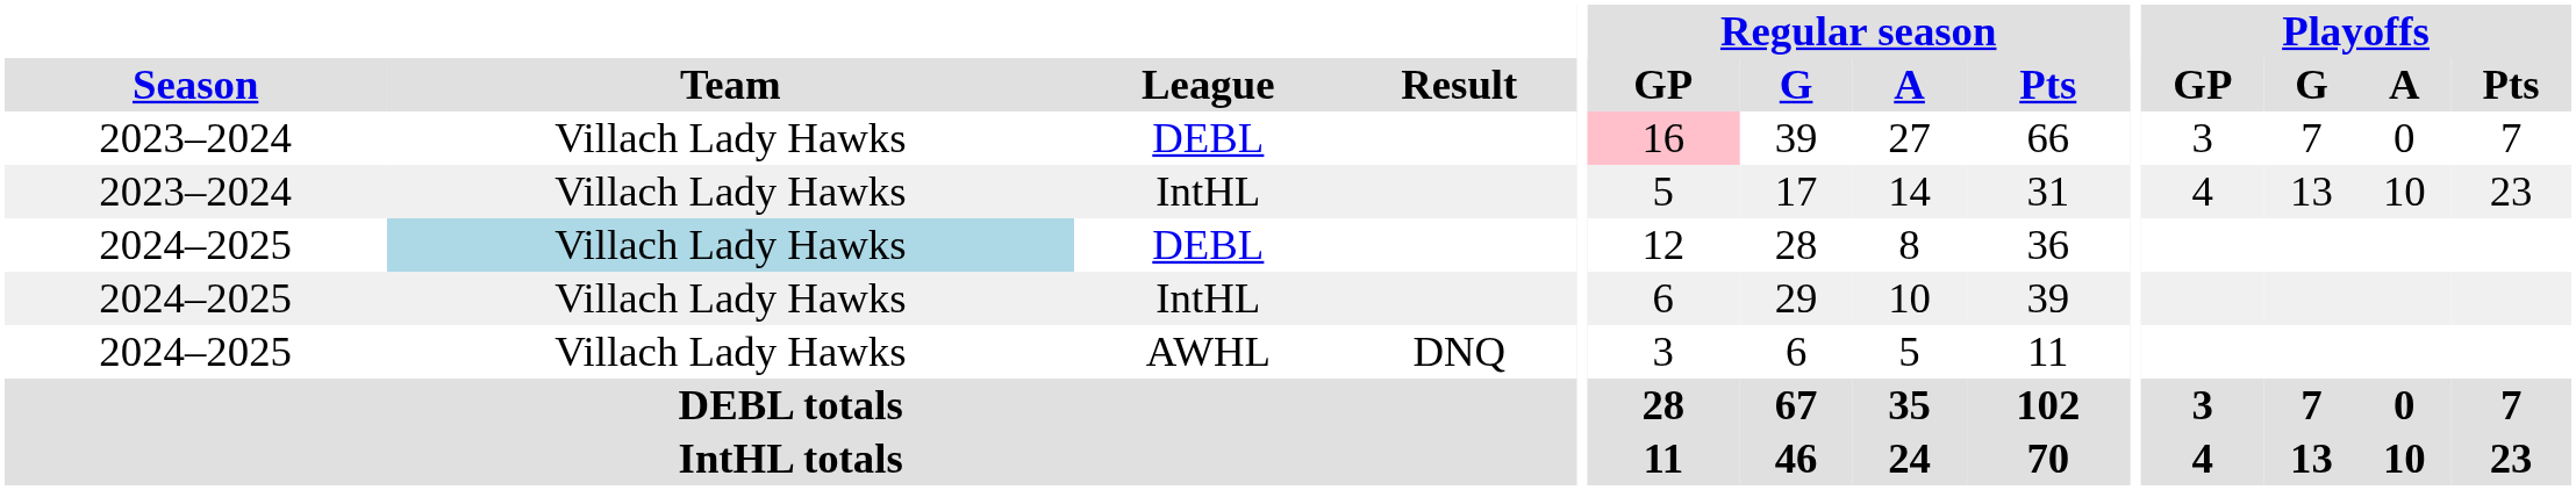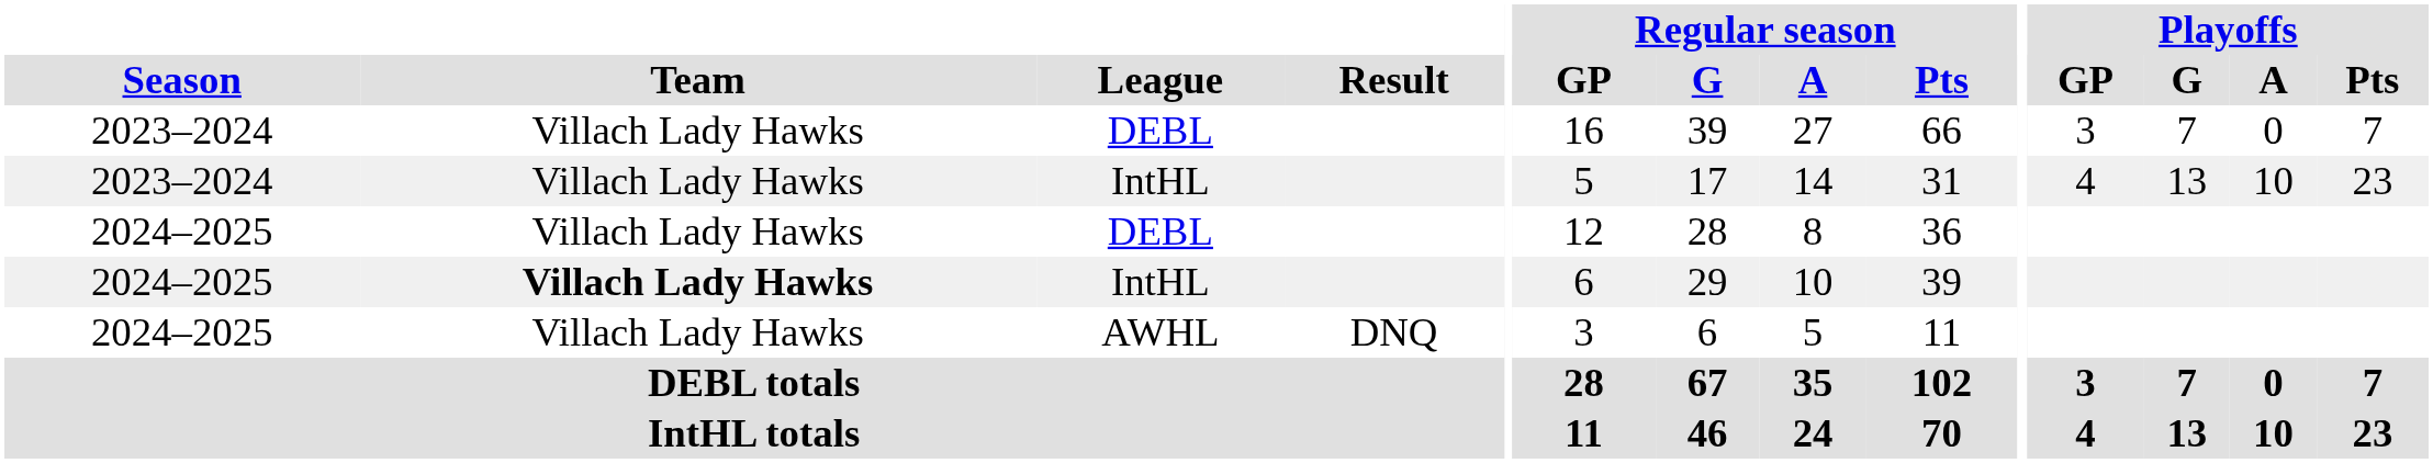 <table border="0" cellpadding="1" cellspacing="0" style="text-align:center; width:60em">
 <tr bgcolor="#e0e0e0">
 <th colspan="4" bgcolor="#ffffff"></th>
 <th rowspan="99" bgcolor="#ffffff"></th>
 <th colspan="4"><a href='#'>Regular season</a></th>
 <th rowspan="99" bgcolor="#ffffff"></th>
 <th colspan="4"><a href='#'>Playoffs</a></th>
 </tr>
 <tr bgcolor="#e0e0e0">
 <th><a href='#'>Season</a></th>
 <th>Team</th>
 <th>League</th>
 <th>Result</th>
 <th>GP</th>
 <th><a href='#'>G</a></th>
 <th><a href='#'>A</a></th>
 <th><a href='#'>Pts</a></th>
 <th>GP</th>
 <th>G</th>
 <th>A</th>
 <th>Pts</th>
 </tr>
 <tr>
 <td>2023–2024</td>
 <td Villach Lady Hawks>Villach Lady Hawks</td>
 <td><a href='#'>DEBL</a></td>
 <td></td>
-<td style="background: pink;">16</td>
+<td>16</td>
 <td>39</td>
 <td>27</td>
 <td>66</td>
 <td>3</td>
 <td>7</td>
 <td>0</td>
 <td>7</td>
 </tr>
 <tr>
 </tr>
 <tr bgcolor="#f0f0f0">
 <td>2023–2024</td>
 <td>Villach Lady Hawks</td>
 <td Slovenian Women's Hockey League>IntHL</td>
 <th></th>
 <td>5</td>
 <td>17</td>
 <td>14</td>
 <td>31</td>
 <td>4</td>
 <td>13</td>
 <td>10</td>
 <td>23</td>
 </tr>
 <tr>
 <td>2024–2025</td>
-<td style="background: lightblue;">Villach Lady Hawks</td>
+<td>Villach Lady Hawks</td>
 <td><a href='#'>DEBL</a></td>
 <td></td>
 <td>12</td>
 <td>28</td>
 <td>8</td>
 <td>36</td>
 <td></td>
 <td></td>
 <td></td>
 <td></td>
 </tr>
 <tr>
 </tr>
 <tr bgcolor="#f0f0f0">
 <td>2024–2025</td>
-<td>Villach Lady Hawks</td>
+<td><strong>Villach Lady Hawks</strong></td>
 <td Slovenian Women's Hockey League>IntHL</td>
 <th></th>
 <td>6</td>
 <td>29</td>
 <td>10</td>
 <td>39</td>
 <td></td>
 <td></td>
 <td></td>
 <td></td>
 </tr>
 <tr>
 <td>2024–2025</td>
 <td>Villach Lady Hawks</td>
 <td>AWHL</td>
 <td>DNQ</td>
 <td>3</td>
 <td>6</td>
 <td>5</td>
 <td>11</td>
 <td></td>
 <td></td>
 <td></td>
 <td></td>
 </tr>
 <tr>
 </tr>
 <tr bgcolor="#e0e0e0">
 <th colspan="4">DEBL totals</th>
 <th>28</th>
 <th>67</th>
 <th>35</th>
 <th>102</th>
 <th>3</th>
 <th>7</th>
 <th>0</th>
 <th>7</th>
 </tr>
 <tr bgcolor="#e0e0e0">
 <th colspan="4">IntHL totals</th>
 <th>11</th>
 <th>46</th>
 <th>24</th>
 <th>70</th>
 <th>4</th>
 <th>13</th>
 <th>10</th>
 <th>23</th>
 </tr>
 </table>
